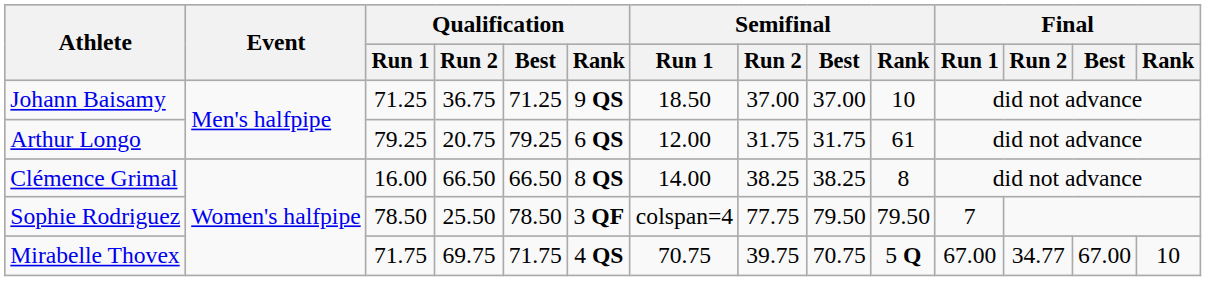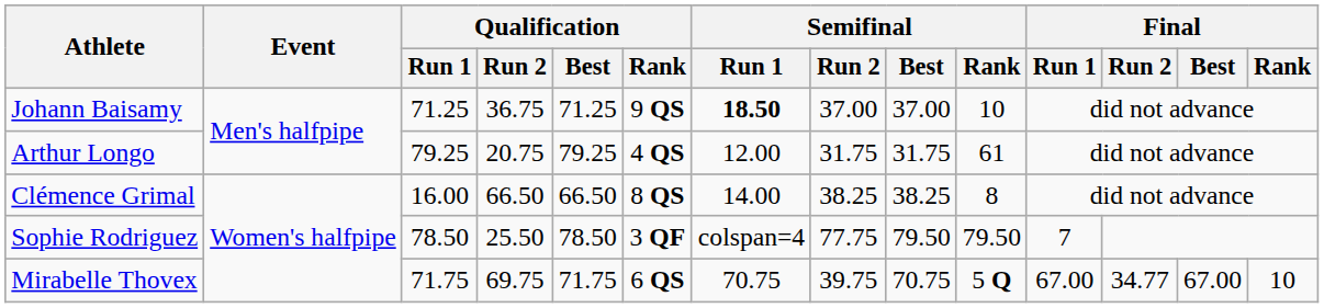 <table class="wikitable" style="font-size:90%">
 <tr>
 <th rowspan="2">Athlete</th>
 <th rowspan="2">Event</th>
 <th colspan="4">Qualification</th>
 <th colspan="4">Semifinal</th>
 <th colspan="4">Final</th>
 </tr>
 <tr style="font-size:95%">
 <th>Run 1</th>
 <th>Run 2</th>
 <th>Best</th>
 <th>Rank</th>
 <th>Run 1</th>
 <th>Run 2</th>
 <th>Best</th>
 <th>Rank</th>
 <th>Run 1</th>
 <th>Run 2</th>
 <th>Best</th>
 <th>Rank</th>
 </tr>
 <tr align=center>
 <td align=left><a href='#'>Johann Baisamy</a></td>
 <td align=left rowspan=2><a href='#'>Men's halfpipe</a></td>
 <td>71.25</td>
 <td>36.75</td>
 <td>71.25</td>
 <td>9 <strong>QS</strong></td>
-<td>18.50</td>
+<td><strong>18.50</strong></td>
 <td>37.00</td>
 <td>37.00</td>
 <td>10</td>
 <td colspan=4>did not advance</td>
 </tr>
 <tr align=center>
 <td align=left><a href='#'>Arthur Longo</a></td>
 <td>79.25</td>
 <td>20.75</td>
 <td>79.25</td>
-<td>6 <strong>QS</strong></td>
+<td>4 <strong>QS</strong></td>
 <td>12.00</td>
 <td>31.75</td>
 <td>31.75</td>
 <td>61</td>
 <td colspan=4>did not advance</td>
 </tr>
 <tr align=center>
 <td align=left><a href='#'>Clémence Grimal</a></td>
 <td align=left rowspan=3><a href='#'>Women's halfpipe</a></td>
 <td>16.00</td>
 <td>66.50</td>
 <td>66.50</td>
 <td>8 <strong>QS</strong></td>
 <td>14.00</td>
 <td>38.25</td>
 <td>38.25</td>
 <td>8</td>
 <td colspan=4>did not advance</td>
 </tr>
 <tr align=center>
 <td align=left><a href='#'>Sophie Rodriguez</a></td>
 <td>78.50</td>
 <td>25.50</td>
 <td>78.50</td>
 <td>3 <strong>QF</strong></td>
 <td>colspan=4 </td>
 <td>77.75</td>
 <td>79.50</td>
 <td>79.50</td>
 <td>7</td>
 </tr>
 <tr align=center>
 <td align=left><a href='#'>Mirabelle Thovex</a></td>
 <td>71.75</td>
 <td>69.75</td>
 <td>71.75</td>
-<td>4 <strong>QS</strong></td>
+<td>6 <strong>QS</strong></td>
 <td>70.75</td>
 <td>39.75</td>
 <td>70.75</td>
 <td>5 <strong>Q</strong></td>
 <td>67.00</td>
 <td>34.77</td>
 <td>67.00</td>
 <td>10</td>
 </tr>
 </table>
